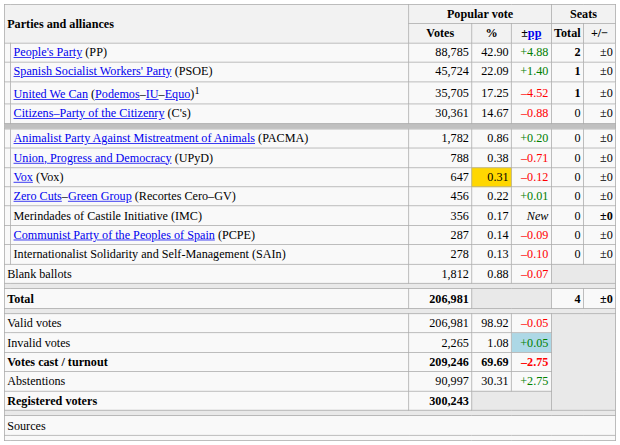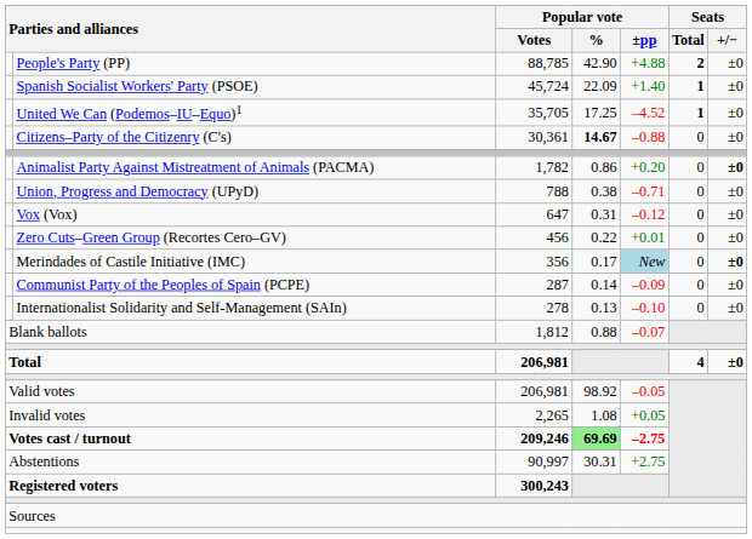 <table class="wikitable" style="text-align:right;">
 <tr>
 <th style="text-align:left;" rowspan="2" colspan="2" width="525">Parties and alliances</th>
 <th colspan="3">Popular vote</th>
 <th colspan="2">Seats</th>
 </tr>
 <tr>
 <th width="75">Votes</th>
 <th width="45">%</th>
 <th width="45">±<a href='#'>pp</a></th>
 <th width="35">Total</th>
 <th width="35">+/−</th>
 </tr>
 <tr>
 <td width="1" style="color:inherit;background:"></td>
 <td align="left"><a href='#'>People's Party</a> (PP)</td>
 <td>88,785</td>
 <td>42.90</td>
 <td style="color:green;">+4.88</td>
 <td><strong>2</strong></td>
 <td>±0</td>
 </tr>
 <tr>
 <td style="color:inherit;background:"></td>
 <td align="left"><a href='#'>Spanish Socialist Workers' Party</a> (PSOE)</td>
 <td>45,724</td>
 <td>22.09</td>
 <td style="color:green;">+1.40</td>
 <td><strong>1</strong></td>
 <td>±0</td>
 </tr>
 <tr>
 <td style="color:inherit;background:"></td>
 <td align="left"><a href='#'>United We Can</a> (<a href='#'>Podemos</a>–<a href='#'>IU</a>–<a href='#'>Equo</a>)<sup>1</sup></td>
 <td>35,705</td>
 <td>17.25</td>
 <td style="color:red;">–4.52</td>
 <td><strong>1</strong></td>
 <td>±0</td>
 </tr>
 <tr>
 <td style="color:inherit;background:"></td>
 <td align="left"><a href='#'>Citizens–Party of the Citizenry</a> (C's)</td>
 <td>30,361</td>
-<td>14.67</td>
+<td><strong>14.67</strong></td>
 <td style="color:red;">–0.88</td>
 <td>0</td>
 <td>±0</td>
 </tr>
 <tr>
 <td colspan="7" bgcolor="#C0C0C0"></td>
 </tr>
 <tr>
 <td style="color:inherit;background:"></td>
 <td align="left"><a href='#'>Animalist Party Against Mistreatment of Animals</a> (PACMA)</td>
 <td>1,782</td>
 <td>0.86</td>
 <td style="color:green;">+0.20</td>
 <td>0</td>
-<td>±0</td>
+<td><strong>±0</strong></td>
 </tr>
 <tr>
 <td style="color:inherit;background:"></td>
 <td align="left"><a href='#'>Union, Progress and Democracy</a> (UPyD)</td>
 <td>788</td>
 <td>0.38</td>
 <td style="color:red;">–0.71</td>
 <td>0</td>
 <td>±0</td>
 </tr>
 <tr>
 <td style="color:inherit;background:"></td>
 <td align="left"><a href='#'>Vox</a> (Vox)</td>
 <td>647</td>
-<td style="background: gold;">0.31</td>
+<td>0.31</td>
 <td style="color:red;">–0.12</td>
 <td>0</td>
 <td>±0</td>
 </tr>
 <tr>
 <td style="color:inherit;background:"></td>
 <td align="left"><a href='#'>Zero Cuts</a>–<a href='#'>Green Group</a> (Recortes Cero–GV)</td>
 <td>456</td>
 <td>0.22</td>
 <td style="color:green;">+0.01</td>
 <td>0</td>
 <td>±0</td>
 </tr>
 <tr>
 <td style="color:inherit;background:"></td>
 <td align="left">Merindades of Castile Initiative (IMC)</td>
 <td>356</td>
 <td>0.17</td>
-<td><em>New</em></td>
+<td style="background: lightblue;"><em>New</em></td>
 <td>0</td>
 <td><strong>±0</strong></td>
 </tr>
 <tr>
 <td style="color:inherit;background:"></td>
 <td align="left"><a href='#'>Communist Party of the Peoples of Spain</a> (PCPE)</td>
 <td>287</td>
 <td>0.14</td>
 <td style="color:red;">–0.09</td>
 <td>0</td>
 <td>±0</td>
 </tr>
 <tr>
 <td style="color:inherit;background:"></td>
 <td align="left">Internationalist Solidarity and Self-Management (SAIn)</td>
 <td>278</td>
 <td>0.13</td>
 <td style="color:red;">–0.10</td>
 <td>0</td>
 <td>±0</td>
 </tr>
 <tr>
 <td align="left" colspan="2">Blank ballots</td>
 <td>1,812</td>
 <td>0.88</td>
 <td style="color:red;">–0.07</td>
 <td bgcolor="#E9E9E9" colspan="2"></td>
 </tr>
 <tr>
 <td colspan="7" bgcolor="#E9E9E9"></td>
 </tr>
 <tr style="font-weight:bold;">
 <td align="left" colspan="2">Total</td>
 <td>206,981</td>
 <td bgcolor="#E9E9E9" colspan="2"></td>
 <td>4</td>
 <td>±0</td>
 </tr>
 <tr>
 <td colspan="7" bgcolor="#E9E9E9"></td>
 </tr>
 <tr>
 <td align="left" colspan="2">Valid votes</td>
 <td>206,981</td>
 <td>98.92</td>
 <td style="color:red;">–0.05</td>
 <td bgcolor="#E9E9E9" colspan="2" rowspan="5"></td>
 </tr>
 <tr>
 <td align="left" colspan="2">Invalid votes</td>
 <td>2,265</td>
 <td>1.08</td>
-<td style="background: lightblue; color:green;">+0.05</td>
+<td style="color:green;">+0.05</td>
 </tr>
 <tr style="font-weight:bold;">
 <td align="left" colspan="2">Votes cast / turnout</td>
 <td>209,246</td>
-<td>69.69</td>
+<td style="background: lightgreen;">69.69</td>
 <td style="color:red;">–2.75</td>
 </tr>
 <tr>
 <td align="left" colspan="2">Abstentions</td>
 <td>90,997</td>
 <td>30.31</td>
 <td style="color:green;">+2.75</td>
 </tr>
 <tr style="font-weight:bold;">
 <td align="left" colspan="2">Registered voters</td>
 <td>300,243</td>
 <td bgcolor="#E9E9E9" colspan="2"></td>
 </tr>
 <tr>
 <td colspan="7" bgcolor="#E9E9E9"></td>
 </tr>
 <tr>
 <td align="left" colspan="7">Sources</td>
 </tr>
 <tr>
 <td colspan="7" style="text-align:left; max-width:790px;"></td>
 </tr>
 </table>
